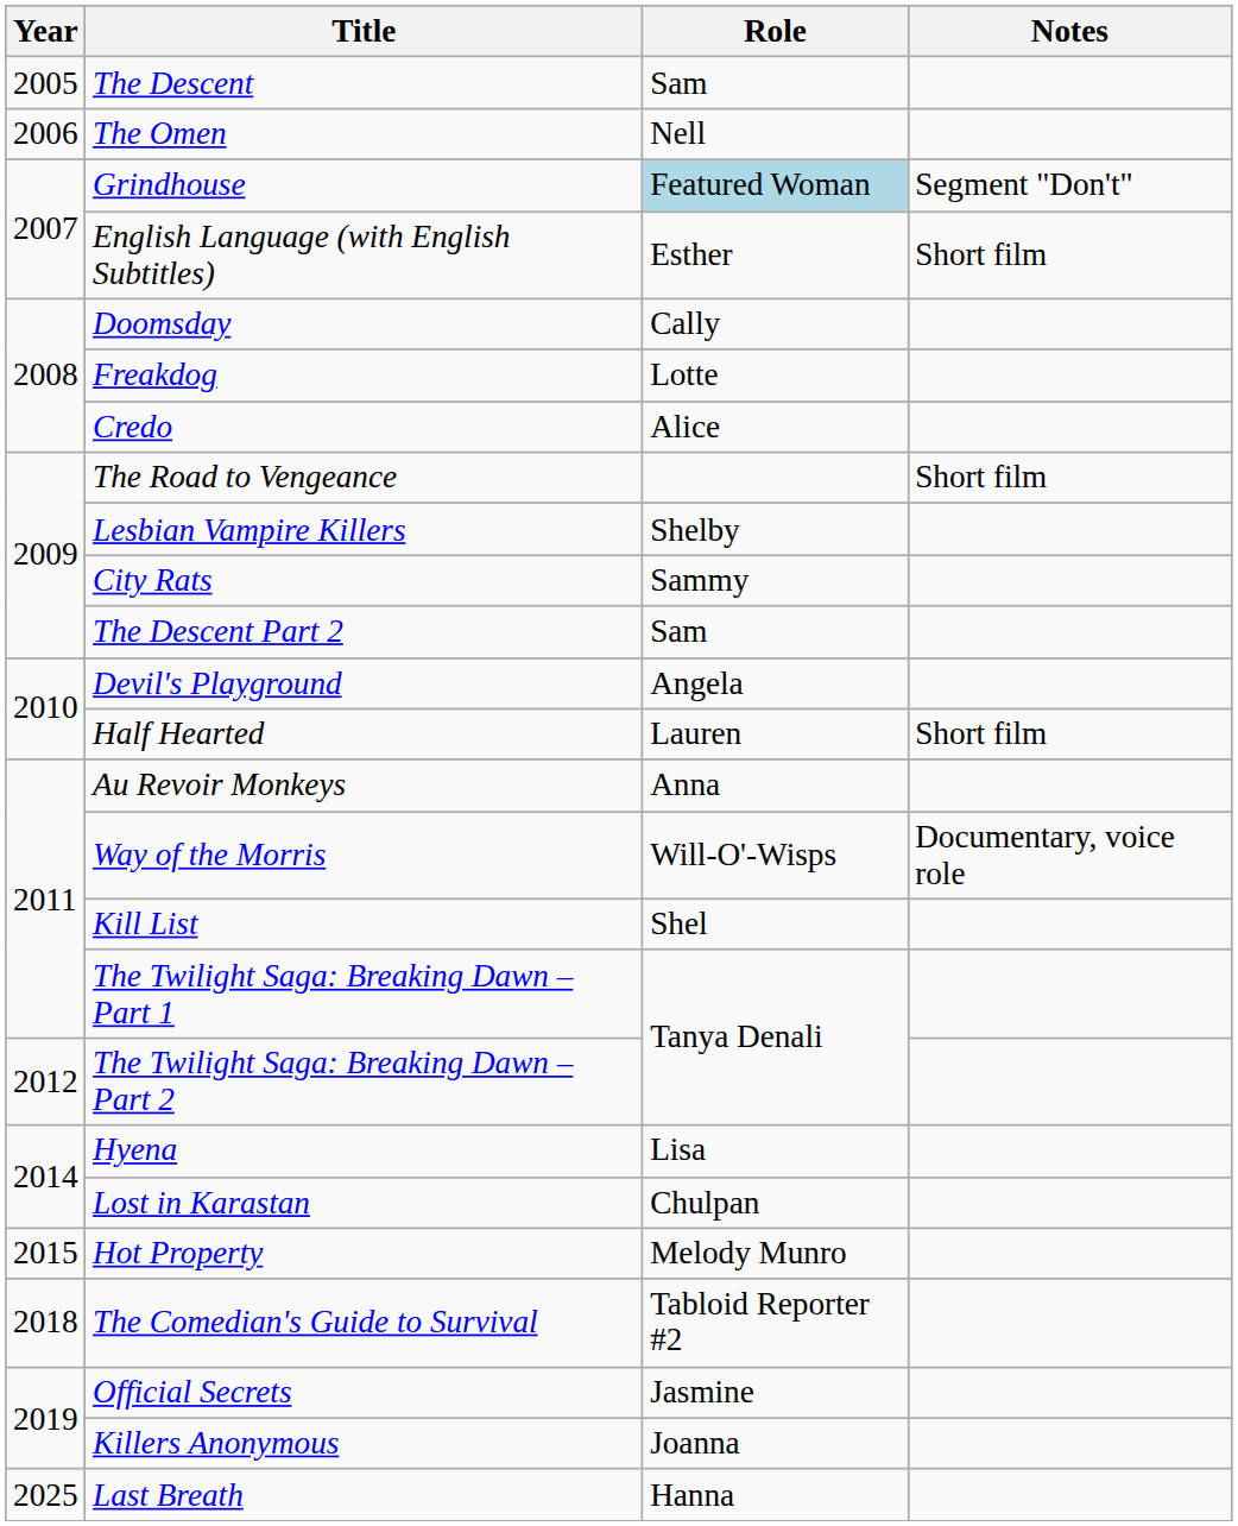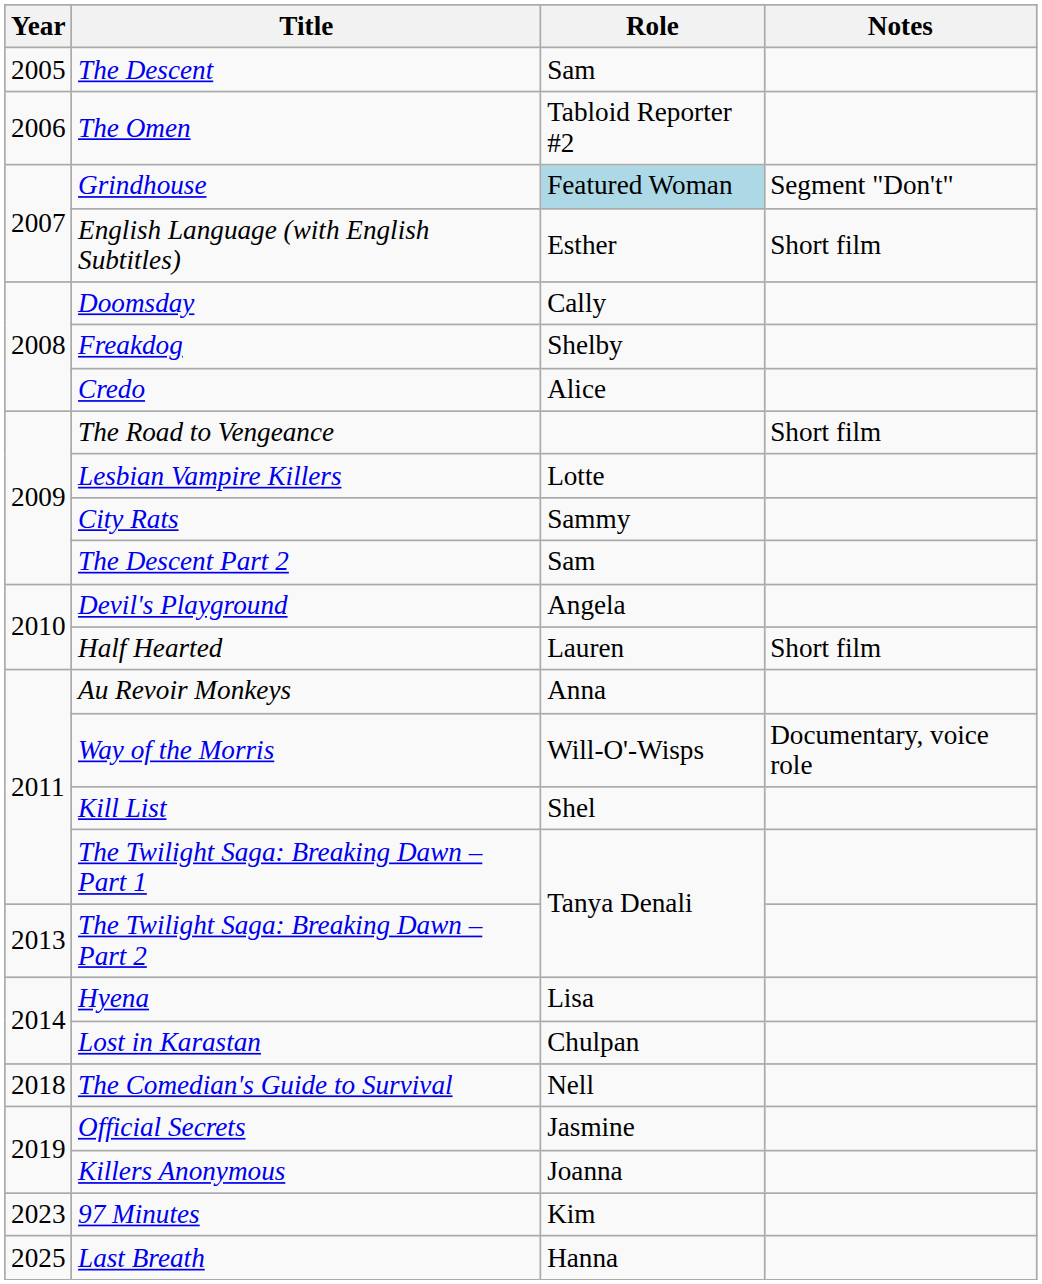 <table class="wikitable sortable">
 <tr>
 <th>Year</th>
 <th>Title</th>
 <th>Role</th>
 <th class="unsortable">Notes</th>
 </tr>
 <tr>
 <td>2005</td>
 <td data-sort-value="Descent, The"><em><a href='#'>The Descent</a></em></td>
 <td>Sam</td>
 <td></td>
 </tr>
 <tr>
 <td>2006</td>
 <td data-sort-value="Omen, The"><em><a href='#'>The Omen</a></em></td>
-<td>Nell</td>
+<td>Tabloid Reporter #2</td>
 <td></td>
 </tr>
 <tr>
 <td rowspan="2">2007</td>
 <td><em><a href='#'>Grindhouse</a></em></td>
 <td style="background: lightblue;">Featured Woman</td>
 <td>Segment "Don't"</td>
 </tr>
 <tr>
 <td><em>English Language (with English Subtitles)</em></td>
 <td>Esther</td>
 <td>Short film</td>
 </tr>
 <tr>
 <td rowspan="3">2008</td>
 <td><em><a href='#'>Doomsday</a></em></td>
 <td>Cally</td>
 <td></td>
 </tr>
 <tr>
 <td><em><a href='#'>Freakdog</a></em></td>
-<td>Lotte</td>
+<td>Shelby</td>
 <td></td>
 </tr>
 <tr>
 <td><em><a href='#'>Credo</a></em></td>
 <td>Alice</td>
 <td></td>
 </tr>
 <tr>
 <td rowspan="4">2009</td>
 <td data-sort-value="Road to Vengeance, The"><em>The Road to Vengeance</em></td>
 <td></td>
 <td>Short film</td>
 </tr>
 <tr>
 <td><em><a href='#'>Lesbian Vampire Killers</a></em></td>
-<td>Shelby</td>
+<td>Lotte</td>
 <td></td>
 </tr>
 <tr>
 <td><em><a href='#'>City Rats</a></em></td>
 <td>Sammy</td>
 <td></td>
 </tr>
 <tr>
 <td data-sort-value="Descent Part 2, The"><em><a href='#'>The Descent Part 2</a></em></td>
 <td>Sam</td>
 <td></td>
 </tr>
 <tr>
 <td rowspan="2">2010</td>
 <td><em><a href='#'>Devil's Playground</a></em></td>
 <td>Angela</td>
 <td></td>
 </tr>
 <tr>
 <td><em>Half Hearted</em></td>
 <td>Lauren</td>
 <td>Short film</td>
 </tr>
 <tr>
 <td rowspan="4">2011</td>
 <td><em>Au Revoir Monkeys</em></td>
 <td>Anna</td>
 <td></td>
 </tr>
 <tr>
 <td><em><a href='#'>Way of the Morris</a></em></td>
 <td>Will-O'-Wisps</td>
 <td>Documentary, voice role</td>
 </tr>
 <tr>
 <td><em><a href='#'>Kill List</a></em></td>
 <td>Shel</td>
 <td></td>
 </tr>
 <tr>
 <td data-sort-value="Twilight Saga: Breaking Dawn Part 1, The"><em><a href='#'>The Twilight Saga: Breaking Dawn – Part 1</a></em></td>
 <td rowspan="2">Tanya Denali</td>
 <td></td>
 </tr>
 <tr>
-<td>2012</td>
+<td>2013</td>
 <td data-sort-value="Twilight Saga: Breaking Dawn Part 2, The"><em><a href='#'>The Twilight Saga: Breaking Dawn – Part 2</a></em></td>
 <td></td>
 </tr>
 <tr>
 <td rowspan="2">2014</td>
 <td><em><a href='#'>Hyena</a></em></td>
 <td>Lisa</td>
 <td></td>
 </tr>
 <tr>
 <td><em><a href='#'>Lost in Karastan</a></em></td>
 <td>Chulpan</td>
 <td></td>
 </tr>
 <tr>
-<td>2015</td>
-<td><em><a href='#'>Hot Property</a></em></td>
-<td>Melody Munro</td>
-<td></td>
-</tr>
-<tr>
 <td>2018</td>
 <td data-sort-value="Comedian's Guide to Survival, The'"><em><a href='#'>The Comedian's Guide to Survival</a></em></td>
-<td>Tabloid Reporter #2</td>
+<td>Nell</td>
 <td></td>
 </tr>
 <tr>
 <td rowspan="2">2019</td>
 <td><em><a href='#'>Official Secrets</a></em></td>
 <td>Jasmine</td>
 <td></td>
 </tr>
 <tr>
 <td><em><a href='#'>Killers Anonymous</a></em></td>
 <td>Joanna</td>
 <td></td>
 </tr>
 <tr>
+<td>2023</td>
+<td><em><a href='#'>97 Minutes</a></em></td>
+<td>Kim</td>
+<td></td>
+</tr>
+<tr>
 <td>2025</td>
 <td><em><a href='#'>Last Breath</a></em></td>
 <td>Hanna</td>
 <td></td>
 </tr>
 <tr>
 </tr>
 </table>
